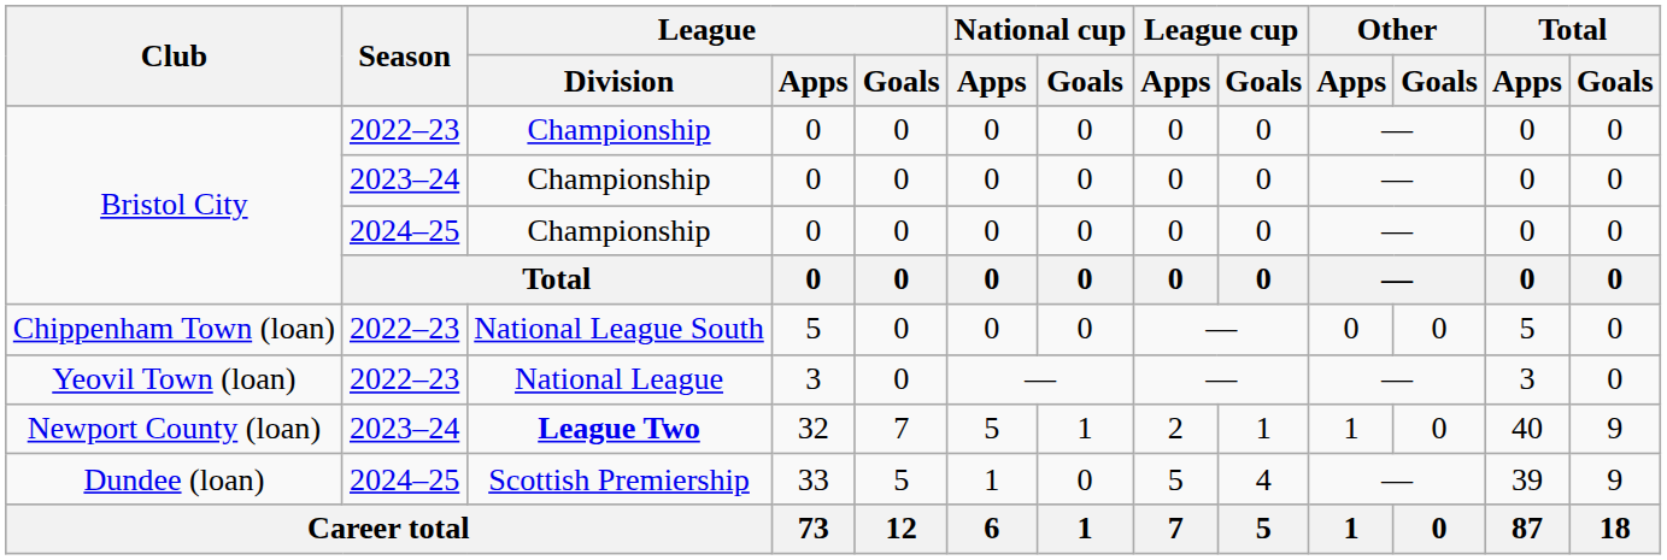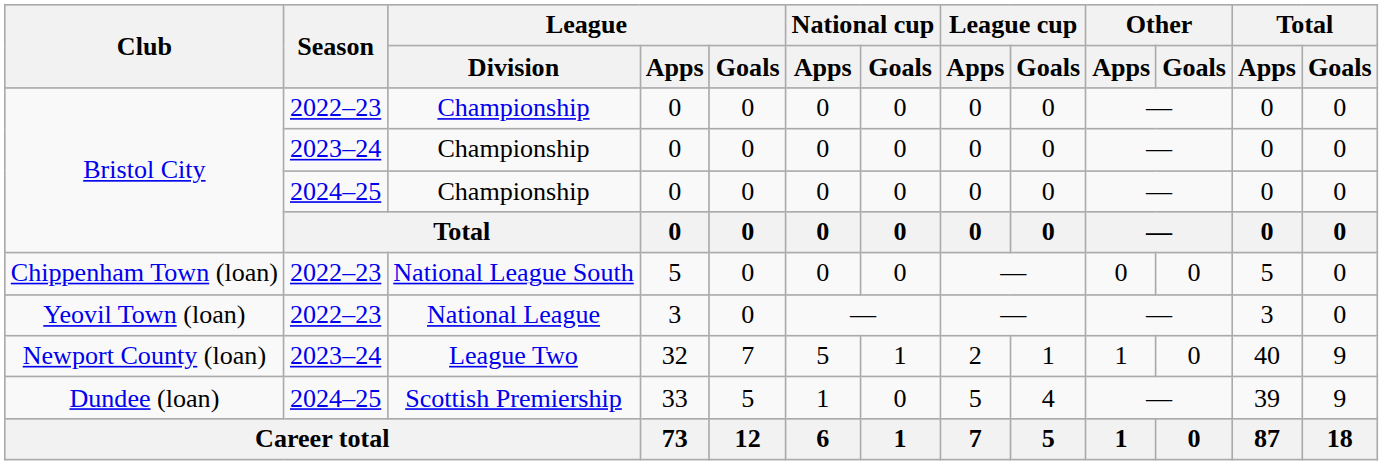 <table class=wikitable style="text-align: center">
 <tr>
 <th rowspan="2">Club</th>
 <th rowspan="2">Season</th>
 <th colspan="3">League</th>
 <th colspan="2">National cup</th>
 <th colspan="2">League cup</th>
 <th colspan="2">Other</th>
 <th colspan="2">Total</th>
 </tr>
 <tr>
 <th>Division</th>
 <th>Apps</th>
 <th>Goals</th>
 <th>Apps</th>
 <th>Goals</th>
 <th>Apps</th>
 <th>Goals</th>
 <th>Apps</th>
 <th>Goals</th>
 <th>Apps</th>
 <th>Goals</th>
 </tr>
 <tr>
 <td rowspan="4"><a href='#'>Bristol City</a></td>
 <td><a href='#'>2022–23</a></td>
 <td><a href='#'>Championship</a></td>
 <td>0</td>
 <td>0</td>
 <td>0</td>
 <td>0</td>
 <td>0</td>
 <td>0</td>
 <td colspan="2">—</td>
 <td>0</td>
 <td>0</td>
 </tr>
 <tr>
 <td><a href='#'>2023–24</a></td>
 <td>Championship</td>
 <td>0</td>
 <td>0</td>
 <td>0</td>
 <td>0</td>
 <td>0</td>
 <td>0</td>
 <td colspan="2">—</td>
 <td>0</td>
 <td>0</td>
 </tr>
 <tr>
 <td><a href='#'>2024–25</a></td>
 <td>Championship</td>
 <td>0</td>
 <td>0</td>
 <td>0</td>
 <td>0</td>
 <td>0</td>
 <td>0</td>
 <td colspan="2">—</td>
 <td>0</td>
 <td>0</td>
 </tr>
 <tr>
 <th colspan="2">Total</th>
 <th>0</th>
 <th>0</th>
 <th>0</th>
 <th>0</th>
 <th>0</th>
 <th>0</th>
 <th colspan="2">—</th>
 <th>0</th>
 <th>0</th>
 </tr>
 <tr>
 <td><a href='#'>Chippenham Town</a> (loan)</td>
 <td><a href='#'>2022–23</a></td>
 <td><a href='#'>National League South</a></td>
 <td>5</td>
 <td>0</td>
 <td>0</td>
 <td>0</td>
 <td colspan="2">—</td>
 <td>0</td>
 <td>0</td>
 <td>5</td>
 <td>0</td>
 </tr>
 <tr>
 <td><a href='#'>Yeovil Town</a> (loan)</td>
 <td><a href='#'>2022–23</a></td>
 <td><a href='#'>National League</a></td>
 <td>3</td>
 <td>0</td>
 <td colspan="2">—</td>
 <td colspan="2">—</td>
 <td colspan="2">—</td>
 <td>3</td>
 <td>0</td>
 </tr>
 <tr>
 <td><a href='#'>Newport County</a> (loan)</td>
 <td><a href='#'>2023–24</a></td>
-<td><strong><a href='#'>League Two</a></strong></td>
+<td><a href='#'>League Two</a></td>
 <td>32</td>
 <td>7</td>
 <td>5</td>
 <td>1</td>
 <td>2</td>
 <td>1</td>
 <td>1</td>
 <td>0</td>
 <td>40</td>
 <td>9</td>
 </tr>
 <tr>
 <td><a href='#'>Dundee</a> (loan)</td>
 <td><a href='#'>2024–25</a></td>
 <td><a href='#'>Scottish Premiership</a></td>
 <td>33</td>
 <td>5</td>
 <td>1</td>
 <td>0</td>
 <td>5</td>
 <td>4</td>
 <td colspan="2">—</td>
 <td>39</td>
 <td>9</td>
 </tr>
 <tr>
 <th colspan="3">Career total</th>
 <th>73</th>
 <th>12</th>
 <th>6</th>
 <th>1</th>
 <th>7</th>
 <th>5</th>
 <th>1</th>
 <th>0</th>
 <th>87</th>
 <th>18</th>
 </tr>
 </table>
